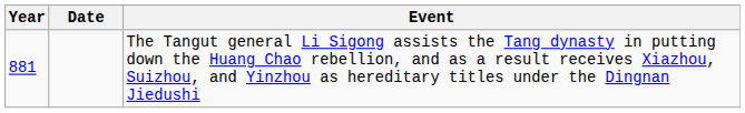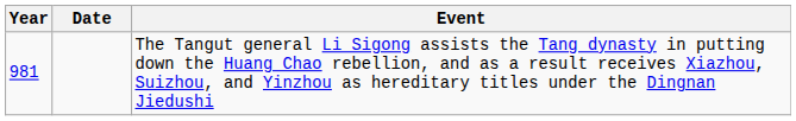 <table class="wikitable" width="100%">
 <tr>
 <th style="width:6%">Year</th>
 <th style="width:10%">Date</th>
 <th>Event</th>
 </tr>
 <tr>
-<td><a href='#'>881</a></td>
+<td><a href='#'>981</a></td>
 <td></td>
 <td>The Tangut general <a href='#'>Li Sigong</a> assists the <a href='#'>Tang dynasty</a> in putting down the <a href='#'>Huang Chao</a> rebellion, and as a result receives <a href='#'>Xiazhou</a>, <a href='#'>Suizhou</a>, and <a href='#'>Yinzhou</a> as hereditary titles under the <a href='#'>Dingnan Jiedushi</a></td>
 </tr>
 </table>
